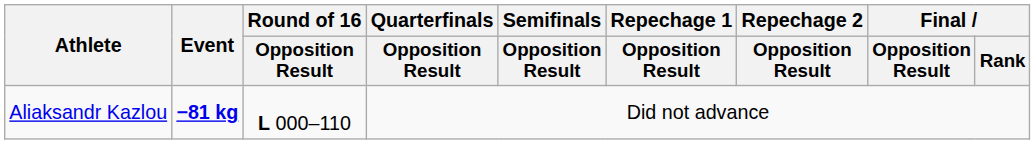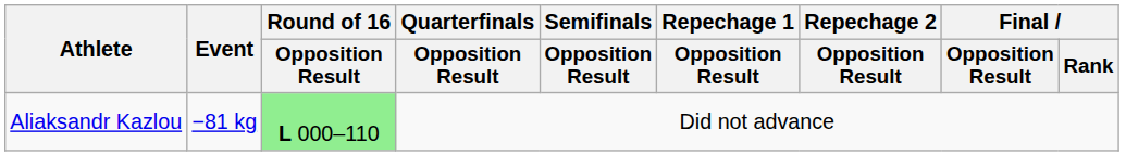 <table class="wikitable" style="font-size:90%">
 <tr>
 <th rowspan="2">Athlete</th>
 <th rowspan="2">Event</th>
 <th>Round of 16</th>
 <th>Quarterfinals</th>
 <th>Semifinals</th>
 <th>Repechage 1</th>
 <th>Repechage 2</th>
 <th colspan=2>Final / </th>
 </tr>
 <tr style="font-size:95%">
 <th>Opposition<br>Result</th>
 <th>Opposition<br>Result</th>
 <th>Opposition<br>Result</th>
 <th>Opposition<br>Result</th>
 <th>Opposition<br>Result</th>
 <th>Opposition<br>Result</th>
 <th>Rank</th>
 </tr>
 <tr align=center>
 <td align=left><a href='#'>Aliaksandr Kazlou</a></td>
-<td align=left><strong><a href='#'>−81 kg</a></strong></td>
-<td><br><strong>L</strong> 000–110</td>
+<td align=left><a href='#'>−81 kg</a></td>
+<td style="background: lightgreen;"><br><strong>L</strong> 000–110</td>
 <td colspan=6>Did not advance</td>
 </tr>
 </table>
